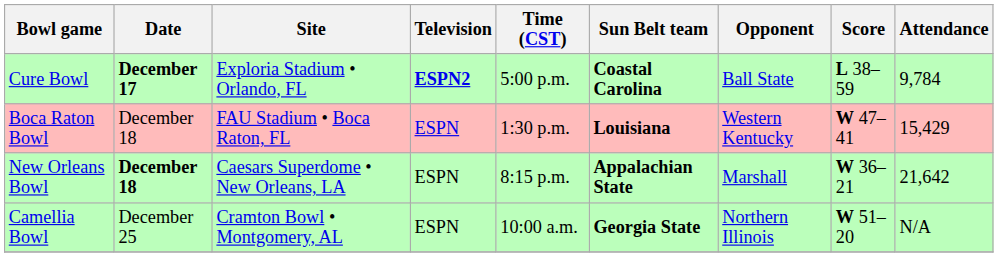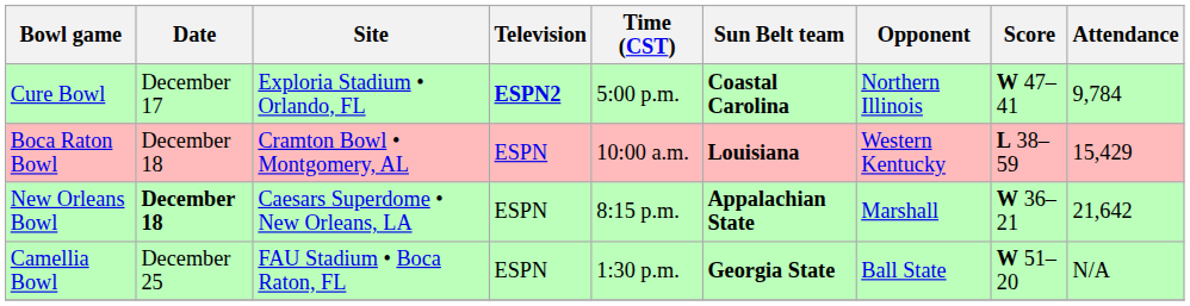 <table class="wikitable">
 <tr>
 <th>Bowl game</th>
 <th>Date</th>
 <th>Site</th>
 <th>Television</th>
 <th>Time (<a href='#'>CST</a>)</th>
 <th>Sun Belt team</th>
 <th>Opponent</th>
 <th>Score</th>
 <th>Attendance</th>
 </tr>
 <tr style="background:#bfb;">
 <td><a href='#'>Cure Bowl</a></td>
-<td><strong>December 17</strong></td>
+<td>December 17</td>
 <td><a href='#'>Exploria Stadium</a> • <a href='#'>Orlando, FL</a></td>
 <td><strong><a href='#'>ESPN2</a></strong></td>
 <td>5:00 p.m.</td>
 <td><strong>Coastal Carolina</strong></td>
-<td><a href='#'>Ball State</a></td>
-<td><strong>L</strong> 38–59</td>
+<td><a href='#'>Northern Illinois</a></td>
+<td><strong>W</strong> 47–41</td>
 <td>9,784</td>
 </tr>
 <tr style="background:#fbb;">
 <td><a href='#'>Boca Raton Bowl</a></td>
 <td>December 18</td>
-<td><a href='#'>FAU Stadium</a> • <a href='#'>Boca Raton, FL</a></td>
+<td><a href='#'>Cramton Bowl</a> • <a href='#'>Montgomery, AL</a></td>
 <td><a href='#'>ESPN</a></td>
-<td>1:30 p.m.</td>
+<td>10:00 a.m.</td>
 <td><strong>Louisiana</strong></td>
 <td><a href='#'>Western Kentucky</a></td>
-<td><strong>W</strong> 47–41</td>
+<td><strong>L</strong> 38–59</td>
 <td>15,429</td>
 </tr>
 <tr style="background:#bfb;">
 <td><a href='#'>New Orleans Bowl</a></td>
 <td><strong>December 18</strong></td>
 <td><a href='#'>Caesars Superdome</a> • <a href='#'>New Orleans, LA</a></td>
 <td>ESPN</td>
 <td>8:15 p.m.</td>
 <td><strong>Appalachian State</strong></td>
 <td><a href='#'>Marshall</a></td>
 <td><strong>W</strong> 36–21</td>
 <td>21,642</td>
 </tr>
 <tr style="background:#bfb;">
 <td><a href='#'>Camellia Bowl</a></td>
 <td>December 25</td>
-<td><a href='#'>Cramton Bowl</a> • <a href='#'>Montgomery, AL</a></td>
+<td><a href='#'>FAU Stadium</a> • <a href='#'>Boca Raton, FL</a></td>
 <td>ESPN</td>
-<td>10:00 a.m.</td>
+<td>1:30 p.m.</td>
 <td><strong>Georgia State</strong></td>
-<td><a href='#'>Northern Illinois</a></td>
+<td><a href='#'>Ball State</a></td>
 <td><strong>W</strong> 51–20</td>
 <td>N/A</td>
 </tr>
 <tr>
 </tr>
 </table>
